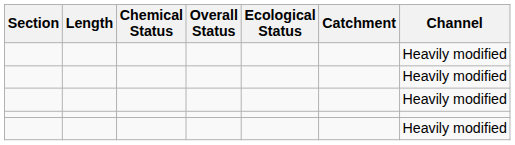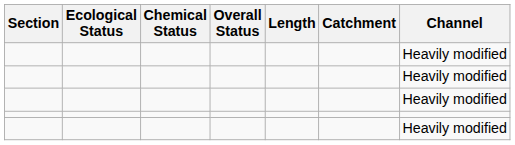 <table class="wikitable">
 <tr>
 <th>Section</th>
-<th>Length</th>
+<th>Ecological<br>Status</th>
 <th>Chemical<br>Status</th>
 <th>Overall<br>Status</th>
-<th>Ecological<br>Status</th>
+<th>Length</th>
 <th>Catchment</th>
 <th>Channel</th>
 </tr>
 <tr>
 <td></td>
 <td></td>
 <td></td>
 <td></td>
 <td></td>
 <td></td>
 <td>Heavily modified</td>
 </tr>
 <tr>
 <td></td>
 <td></td>
 <td></td>
 <td></td>
 <td></td>
 <td></td>
 <td>Heavily modified</td>
 </tr>
 <tr>
 <td></td>
 <td></td>
 <td></td>
 <td></td>
 <td></td>
 <td></td>
 <td>Heavily modified</td>
 </tr>
 <tr>
 <td></td>
 <td></td>
 <td></td>
 <td></td>
 <td></td>
 <td></td>
 <td></td>
 </tr>
 <tr>
 <td></td>
 <td></td>
 <td></td>
 <td></td>
 <td></td>
 <td></td>
 <td>Heavily modified</td>
 </tr>
 </table>
